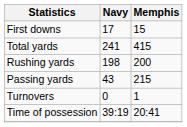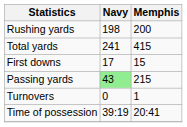 <table class="wikitable">
 <tr>
 <th>Statistics</th>
 <th>Navy</th>
 <th>Memphis</th>
 </tr>
 <tr>
-<td>First downs</td>
-<td>17</td>
-<td>15</td>
+<td>Rushing yards</td>
+<td>198</td>
+<td>200</td>
 </tr>
 <tr>
 <td>Total yards</td>
 <td>241</td>
 <td>415</td>
 </tr>
 <tr>
-<td>Rushing yards</td>
-<td>198</td>
-<td>200</td>
+<td>First downs</td>
+<td>17</td>
+<td>15</td>
 </tr>
 <tr>
 <td>Passing yards</td>
-<td>43</td>
+<td style="background: lightgreen;">43</td>
 <td>215</td>
 </tr>
 <tr>
 <td>Turnovers</td>
 <td>0</td>
 <td>1</td>
 </tr>
 <tr>
 <td>Time of possession</td>
 <td>39:19</td>
 <td>20:41</td>
 </tr>
 <tr>
 </tr>
 </table>
